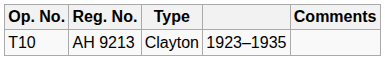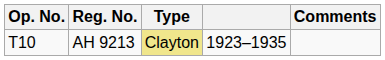 <table class="wikitable">
 <tr>
 <th>Op. No.</th>
 <th>Reg. No.</th>
 <th>Type</th>
 <th></th>
 <th>Comments</th>
 </tr>
 <tr>
 <td>T10</td>
 <td>AH 9213</td>
-<td>Clayton</td>
+<td style="background: khaki;">Clayton</td>
 <td>1923–1935</td>
 <td></td>
 </tr>
 <tr>
 </tr>
 </table>
